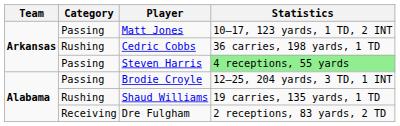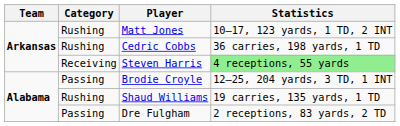 <table class="wikitable" style="float: right;">
 <tr>
 <th>Team</th>
 <th>Category</th>
 <th>Player</th>
 <th>Statistics</th>
 </tr>
 <tr>
 <td rowspan=3><strong>Arkansas</strong></td>
-<td>Passing</td>
+<td>Rushing</td>
 <td><a href='#'>Matt Jones</a></td>
 <td>10–17, 123 yards, 1 TD, 2 INT</td>
 </tr>
 <tr>
 <td>Rushing</td>
 <td><a href='#'>Cedric Cobbs</a></td>
 <td>36 carries, 198 yards, 1 TD</td>
 </tr>
 <tr>
-<td>Passing</td>
+<td>Receiving</td>
 <td><a href='#'>Steven Harris</a></td>
 <td style="background: lightgreen;">4 receptions, 55 yards</td>
 </tr>
 <tr>
 <td rowspan=3><strong>Alabama</strong></td>
 <td>Passing</td>
 <td><a href='#'>Brodie Croyle</a></td>
 <td>12–25, 204 yards, 3 TD, 1 INT</td>
 </tr>
 <tr>
 <td>Rushing</td>
 <td><a href='#'>Shaud Williams</a></td>
 <td>19 carries, 135 yards, 1 TD</td>
 </tr>
 <tr>
-<td>Receiving</td>
+<td>Passing</td>
 <td>Dre Fulgham</td>
 <td>2 receptions, 83 yards, 2 TD</td>
 </tr>
 </table>
